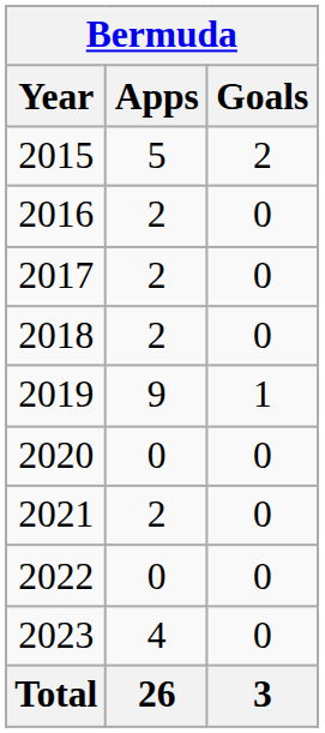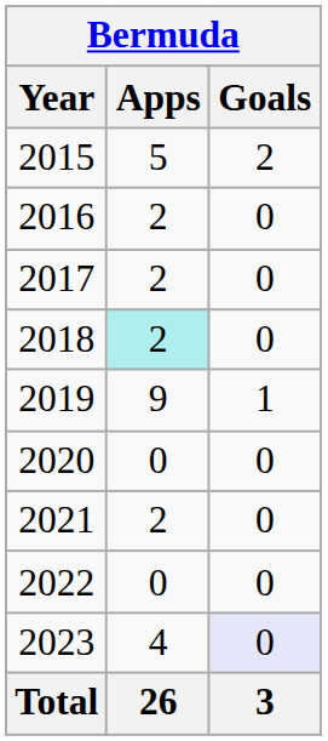 <table class="wikitable" style="text-align:center">
 <tr>
 <th colspan=3><a href='#'>Bermuda</a></th>
 </tr>
 <tr>
 <th>Year</th>
 <th>Apps</th>
 <th>Goals</th>
 </tr>
 <tr>
 <td>2015</td>
 <td>5</td>
 <td>2</td>
 </tr>
 <tr>
 <td>2016</td>
 <td>2</td>
 <td>0</td>
 </tr>
 <tr>
 <td>2017</td>
 <td>2</td>
 <td>0</td>
 </tr>
 <tr>
 <td>2018</td>
-<td>2</td>
+<td style="background: paleturquoise;">2</td>
 <td>0</td>
 </tr>
 <tr>
 <td>2019</td>
 <td>9</td>
 <td>1</td>
 </tr>
 <tr>
 <td>2020</td>
 <td>0</td>
 <td>0</td>
 </tr>
 <tr>
 <td>2021</td>
 <td>2</td>
 <td>0</td>
 </tr>
 <tr>
 <td>2022</td>
 <td>0</td>
 <td>0</td>
 </tr>
 <tr>
 <td>2023</td>
 <td>4</td>
-<td>0</td>
+<td style="background: lavender;">0</td>
 </tr>
 <tr>
 <th>Total</th>
 <th>26</th>
 <th>3</th>
 </tr>
 </table>
